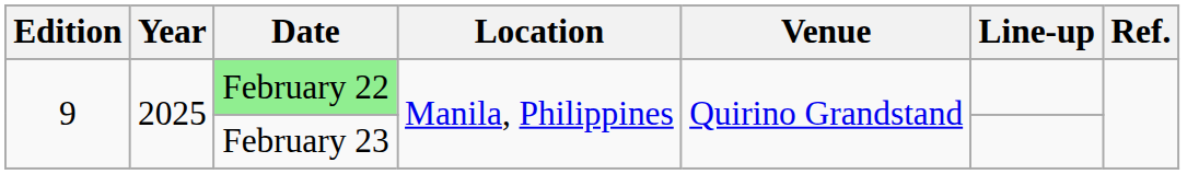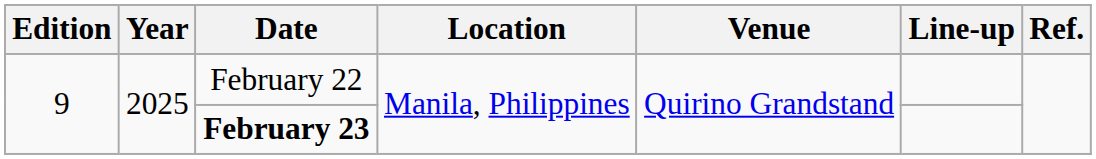 <table class="wikitable" border="1" style="text-align:center;">
 <tr>
 <th scope="col">Edition</th>
 <th scope="col">Year</th>
 <th scope="col">Date</th>
 <th scope="col">Location</th>
 <th scope="col">Venue</th>
 <th scope="col">Line-up</th>
 <th scope="col">Ref.</th>
 </tr>
 <tr>
 <td rowspan="2">9</td>
 <td rowspan="2">2025</td>
-<td style="background: lightgreen;">February 22</td>
+<td>February 22</td>
 <td rowspan="2"><a href='#'>Manila</a>, <a href='#'>Philippines</a></td>
 <td rowspan="2"><a href='#'>Quirino Grandstand</a></td>
 <td></td>
 <td rowspan="2"></td>
 </tr>
 <tr>
-<td>February 23</td>
+<td><strong>February 23</strong></td>
 <td></td>
 </tr>
 </table>
